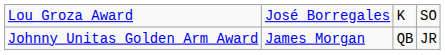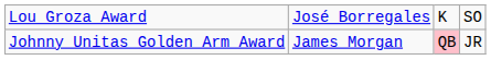 <table class="wikitable">
 <tr>
 <td><a href='#'>Lou Groza Award</a></td>
 <td><a href='#'>José Borregales</a></td>
 <td>K</td>
 <td>SO</td>
 </tr>
 <tr>
 <td><a href='#'>Johnny Unitas Golden Arm Award</a></td>
 <td><a href='#'>James Morgan</a></td>
-<td>QB</td>
+<td style="background: pink;">QB</td>
 <td>JR</td>
 </tr>
 </table>
